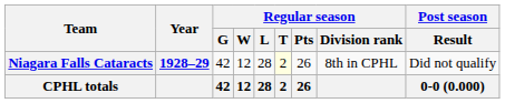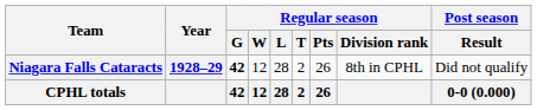 <table class="wikitable" style="font-size: 95%; text-align:center;">
 <tr>
 <th rowspan="2">Team</th>
 <th rowspan="2">Year</th>
 <th colspan="6"><a href='#'>Regular season</a></th>
 <th colspan="1"><a href='#'>Post season</a></th>
 </tr>
 <tr>
 <th>G</th>
 <th>W</th>
 <th>L</th>
 <th>T</th>
 <th>Pts</th>
 <th>Division rank</th>
 <th>Result</th>
 </tr>
 <tr>
 <th><a href='#'>Niagara Falls Cataracts</a></th>
 <th><a href='#'>1928–29</a></th>
-<td>42</td>
+<td><strong>42</strong></td>
 <td>12</td>
 <td>28</td>
-<td style="background: lightyellow;">2</td>
+<td>2</td>
 <td>26</td>
 <td>8th in CPHL</td>
 <td>Did not qualify</td>
 </tr>
 <tr align="centre" bgcolor="#dddddd">
 <th>CPHL totals</th>
 <th></th>
 <th>42</th>
 <th>12</th>
 <th>28</th>
 <th>2</th>
 <th>26</th>
 <th></th>
 <th>0-0 (0.000)</th>
 </tr>
 </table>
